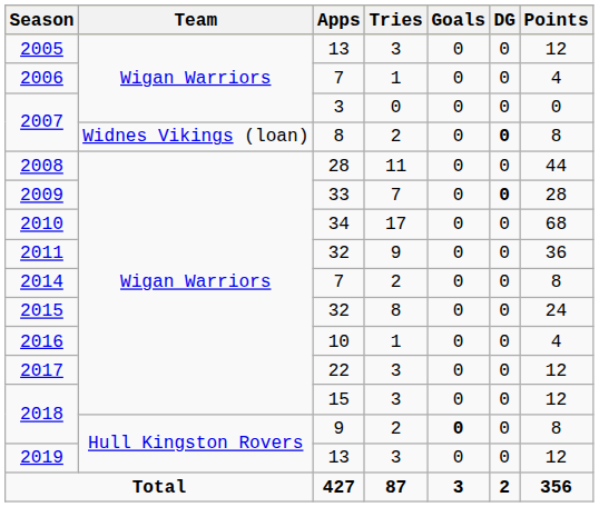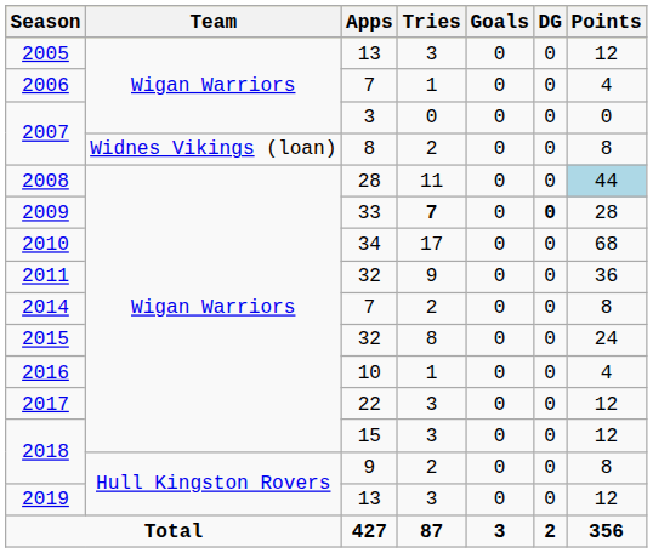 <table class="wikitable" style="text-align:center;">
 <tr style="background:#bdb76b;">
 <th>Season</th>
 <th>Team</th>
 <th>Apps</th>
 <th>Tries</th>
 <th>Goals</th>
 <th>DG</th>
 <th>Points</th>
 </tr>
 <tr>
 <td><a href='#'>2005</a></td>
 <td rowspan="3"><a href='#'>Wigan Warriors</a></td>
 <td>13</td>
 <td>3</td>
 <td>0</td>
 <td>0</td>
 <td>12</td>
 </tr>
 <tr>
 <td><a href='#'>2006</a></td>
 <td>7</td>
 <td>1</td>
 <td>0</td>
 <td>0</td>
 <td>4</td>
 </tr>
 <tr>
 <td rowspan="2"><a href='#'>2007</a></td>
 <td>3</td>
 <td>0</td>
 <td>0</td>
 <td>0</td>
 <td>0</td>
 </tr>
 <tr>
 <td><a href='#'>Widnes Vikings</a> (loan)</td>
 <td>8</td>
 <td>2</td>
 <td>0</td>
-<td><strong>0</strong></td>
+<td>0</td>
 <td>8</td>
 </tr>
 <tr>
 <td><a href='#'>2008</a></td>
 <td rowspan="9"><a href='#'>Wigan Warriors</a></td>
 <td>28</td>
 <td>11</td>
 <td>0</td>
 <td>0</td>
-<td>44</td>
+<td style="background: lightblue;">44</td>
 </tr>
 <tr>
 <td><a href='#'>2009</a></td>
 <td>33</td>
-<td>7</td>
+<td><strong>7</strong></td>
 <td>0</td>
 <td><strong>0</strong></td>
 <td>28</td>
 </tr>
 <tr>
 <td><a href='#'>2010</a></td>
 <td>34</td>
 <td>17</td>
 <td>0</td>
 <td>0</td>
 <td>68</td>
 </tr>
 <tr>
 <td><a href='#'>2011</a></td>
 <td>32</td>
 <td>9</td>
 <td>0</td>
 <td>0</td>
 <td>36</td>
 </tr>
 <tr>
 <td><a href='#'>2014</a></td>
 <td>7</td>
 <td>2</td>
 <td>0</td>
 <td>0</td>
 <td>8</td>
 </tr>
 <tr>
 <td><a href='#'>2015</a></td>
 <td>32</td>
 <td>8</td>
 <td>0</td>
 <td>0</td>
 <td>24</td>
 </tr>
 <tr>
 <td><a href='#'>2016</a></td>
 <td>10</td>
 <td>1</td>
 <td>0</td>
 <td>0</td>
 <td>4</td>
 </tr>
 <tr>
 <td><a href='#'>2017</a></td>
 <td>22</td>
 <td>3</td>
 <td>0</td>
 <td>0</td>
 <td>12</td>
 </tr>
 <tr>
 <td rowspan="2"><a href='#'>2018</a></td>
 <td>15</td>
 <td>3</td>
 <td>0</td>
 <td>0</td>
 <td>12</td>
 </tr>
 <tr>
 <td rowspan="2"><a href='#'>Hull Kingston Rovers</a></td>
 <td>9</td>
 <td>2</td>
-<td><strong>0</strong></td>
+<td>0</td>
 <td>0</td>
 <td>8</td>
 </tr>
 <tr>
 <td><a href='#'>2019</a></td>
 <td>13</td>
 <td>3</td>
 <td>0</td>
 <td>0</td>
 <td>12</td>
 </tr>
 <tr>
 <td colspan="2"><strong>Total</strong></td>
 <td><strong>427</strong></td>
 <td><strong>87</strong></td>
 <td><strong>3</strong></td>
 <td><strong>2</strong></td>
 <td><strong>356</strong></td>
 </tr>
 </table>
